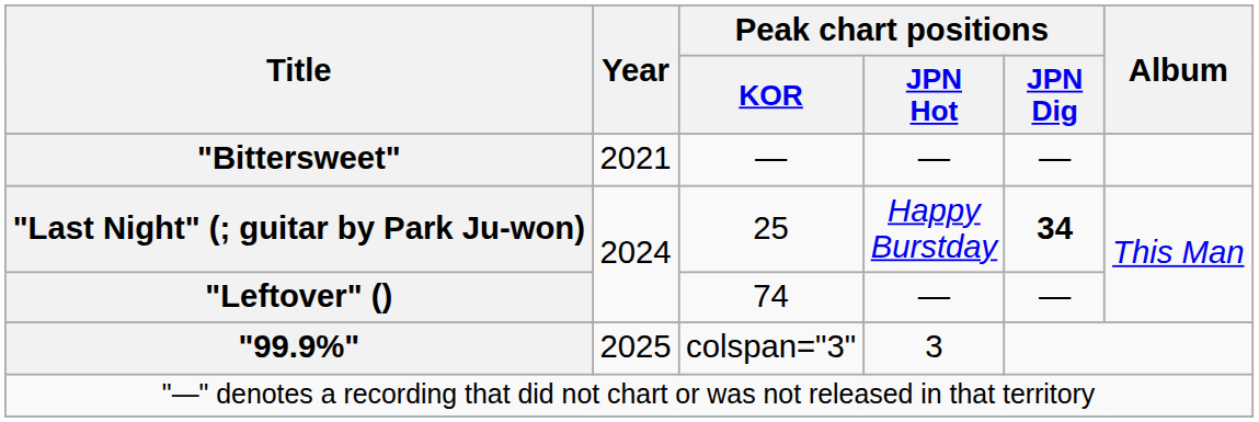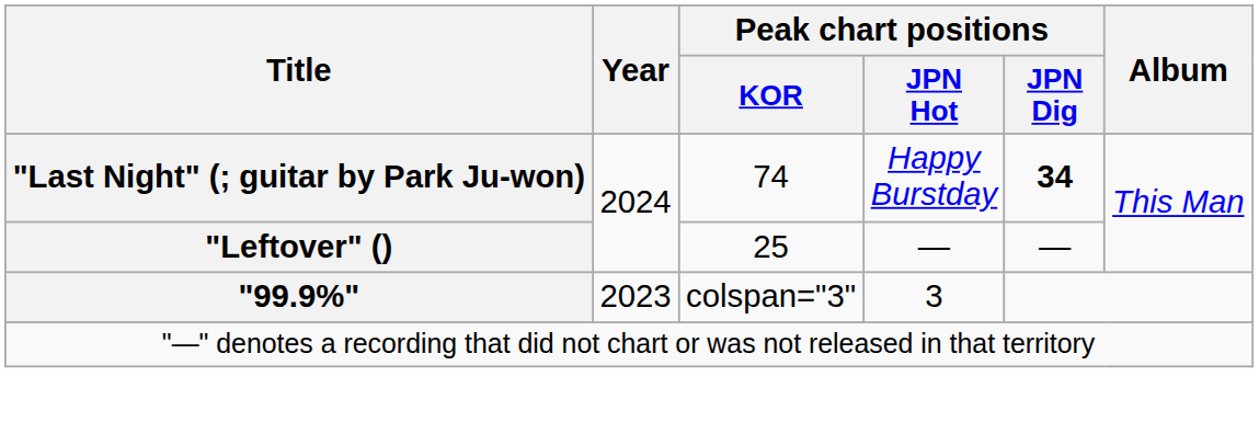 <table class="wikitable plainrowheaders" style="text-align:center">
 <tr>
 <th scope="col" rowspan="2">Title</th>
 <th scope="col" rowspan="2">Year</th>
 <th colspan="3" scope="col">Peak chart positions</th>
 <th scope="col" rowspan="2">Album</th>
 </tr>
 <tr>
 <th scope="col" style="width:3em;font-size:90%"><a href='#'>KOR</a><br></th>
 <th scope="col" style="font-size:90%; width:3em"><a href='#'>JPN<br>Hot</a><br></th>
 <th scope="col" style="font-size:90%; width:3em"><a href='#'>JPN<br>Dig</a><br></th>
 </tr>
 <tr>
-<th scope="row">"Bittersweet" <br></th>
-<td>2021</td>
-<td>—</td>
-<td>—</td>
-<td>—</td>
-<td></td>
-</tr>
-<tr>
 <th scope="row">"Last Night" (; guitar by Park Ju-won) <br> </th>
 <td rowspan="2">2024</td>
-<td>25</td>
+<td>74</td>
 <td><em><a href='#'>Happy Burstday</a></em></td>
 <td><strong>34</strong></td>
 <td rowspan="2"><em><a href='#'>This Man</a></em></td>
 </tr>
 <tr>
 <th scope="row">"Leftover" ()</th>
-<td>74</td>
+<td>25</td>
 <td>—</td>
 <td>—</td>
 </tr>
 <tr>
 <th scope="row">"99.9%"</th>
-<td>2025</td>
+<td>2023</td>
 <td>colspan="3" </td>
 <td>3</td>
 </tr>
 <tr>
 <td colspan="6" style="font-size:85%">"—" denotes a recording that did not chart or was not released in that territory</td>
 </tr>
 </table>
